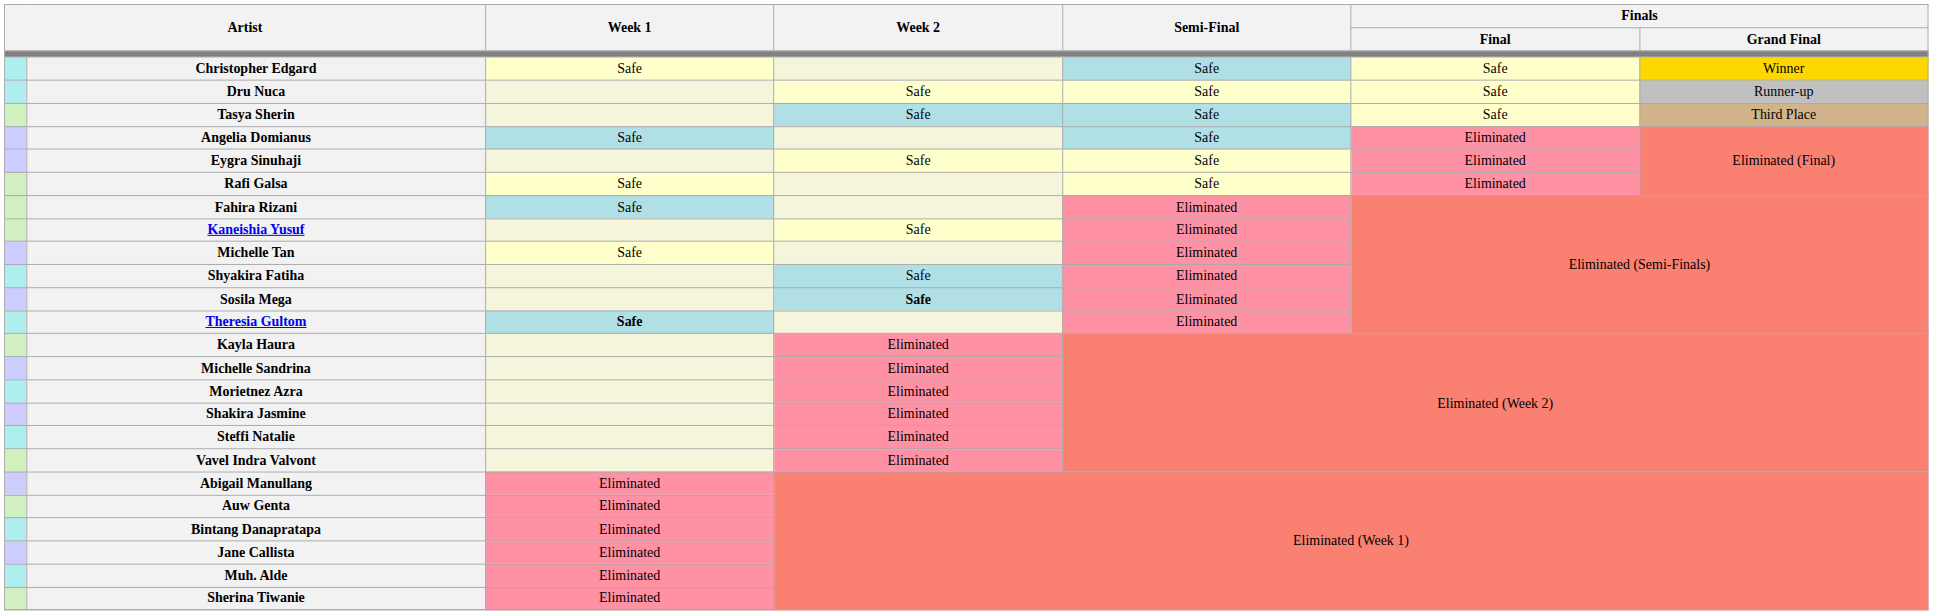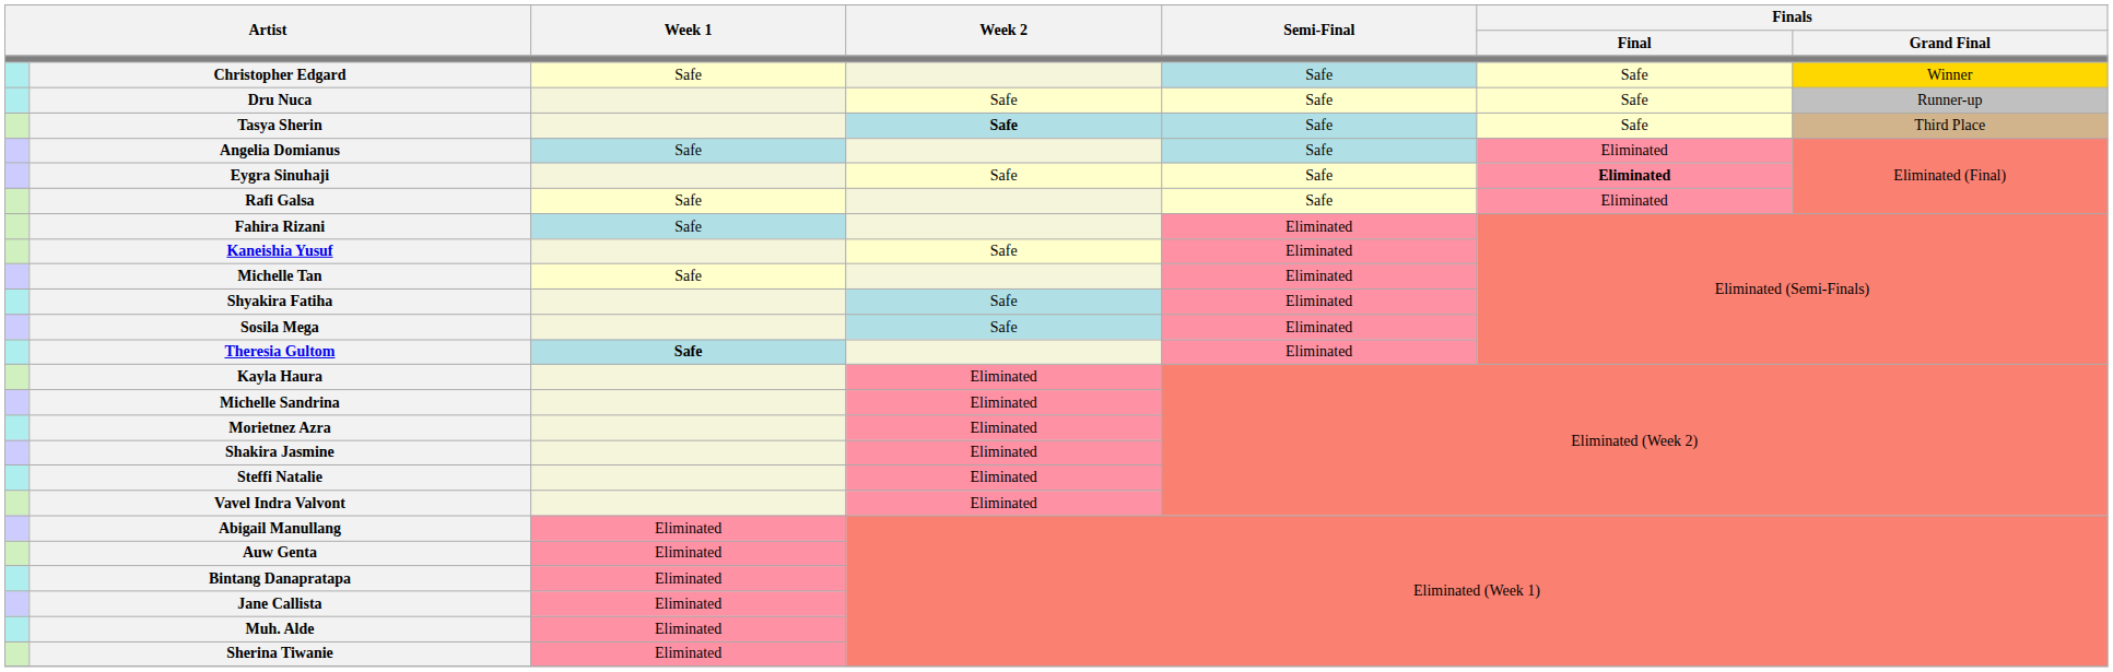 <table class="wikitable"  style="text-align:center; font-size:90%; width:100%;">
 <tr>
 </tr>
 <tr>
 <th rowspan="2" colspan="2">Artist</th>
 <th style="width:15%" rowspan=2 scope="col">Week 1</th>
 <th style="width:15%" rowspan=2 scope="col">Week 2</th>
 <th style="width:15%" rowspan=2 scope="col">Semi-Final</th>
 <th colspan="2">Finals</th>
 </tr>
 <tr>
 <th style="width:15%">Final</th>
 <th style="width:15%">Grand Final</th>
 </tr>
 <tr>
 <th colspan="8" style="background:gray;"></th>
 </tr>
 <tr>
 <th style="background:#afeeee"></th>
 <th>Christopher Edgard</th>
 <td style="background:#ffc;">Safe</td>
 <td style="background:#F5F5DC;"></td>
 <td style="background:#b0e0e6">Safe</td>
 <td style="background:#ffc;">Safe</td>
 <td style="background:gold;">Winner</td>
 </tr>
 <tr>
 <th style="background:#afeeee"></th>
 <th>Dru Nuca</th>
 <td style="background:#F5F5DC;"></td>
 <td style="background:#ffc;">Safe</td>
 <td style="background:#ffc;">Safe</td>
 <td style="background:#ffc;">Safe</td>
 <td style="background:silver;">Runner-up</td>
 </tr>
 <tr>
 <th style="background:#d0f0c0;"></th>
 <th>Tasya Sherin</th>
 <td style="background:#F5F5DC;"></td>
-<td style="background:#b0e0e6">Safe</td>
+<td style="background:#b0e0e6"><strong>Safe</strong></td>
 <td style="background:#b0e0e6">Safe</td>
 <td style="background:#ffc;">Safe</td>
 <td style="background:tan;">Third Place</td>
 </tr>
 <tr>
 <th style="background:#ccf"></th>
 <th>Angelia Domianus</th>
 <td style="background:#b0e0e6">Safe</td>
 <td style="background:#F5F5DC;"></td>
 <td style="background:#b0e0e6">Safe</td>
 <td style="background:#FF91A4;">Eliminated</td>
 <td rowspan="3" colspan="3" style="background:salmon;">Eliminated (Final)</td>
 </tr>
 <tr>
 <th style="background:#ccf"></th>
 <th>Eygra Sinuhaji</th>
 <td style="background:#F5F5DC;"></td>
 <td style="background:#ffc;">Safe</td>
 <td style="background:#ffc;">Safe</td>
-<td style="background:#FF91A4;">Eliminated</td>
+<td style="background:#FF91A4;"><strong>Eliminated</strong></td>
 </tr>
 <tr>
 <th style="background:#d0f0c0;"></th>
 <th>Rafi Galsa</th>
 <td style="background:#ffc;">Safe</td>
 <td style="background:#F5F5DC;"></td>
 <td style="background:#ffc;">Safe</td>
 <td style="background:#FF91A4;">Eliminated</td>
 </tr>
 <tr>
 <th style="background:#d0f0c0;"></th>
 <th>Fahira Rizani</th>
 <td style="background:#b0e0e6">Safe</td>
 <td style="background:#F5F5DC;"></td>
 <td style="background:#FF91A4;">Eliminated</td>
 <td rowspan="6" colspan="3" style="background:salmon;">Eliminated (Semi-Finals)</td>
 </tr>
 <tr>
 <th style="background:#d0f0c0;"></th>
 <th><a href='#'>Kaneishia Yusuf</a></th>
 <td style="background:#F5F5DC;"></td>
 <td style="background:#ffc;">Safe</td>
 <td style="background:#FF91A4;">Eliminated</td>
 </tr>
 <tr>
 <th style="background:#ccf"></th>
 <th>Michelle Tan</th>
 <td style="background:#ffc;">Safe</td>
 <td style="background:#F5F5DC;"></td>
 <td style="background:#FF91A4;">Eliminated</td>
 </tr>
 <tr>
 <th style="background:#afeeee"></th>
 <th>Shyakira Fatiha</th>
 <td style="background:#F5F5DC;"></td>
 <td style="background:#b0e0e6">Safe</td>
 <td style="background:#FF91A4;">Eliminated</td>
 </tr>
 <tr>
 <th style="background:#ccf"></th>
 <th>Sosila Mega</th>
 <td style="background:#F5F5DC;"></td>
-<td style="background:#b0e0e6"><strong>Safe</strong></td>
+<td style="background:#b0e0e6">Safe</td>
 <td style="background:#FF91A4;">Eliminated</td>
 </tr>
 <tr>
 <th style="background:#afeeee"></th>
 <th><a href='#'>Theresia Gultom</a></th>
 <td style="background:#b0e0e6"><strong>Safe</strong></td>
 <td style="background:#F5F5DC;"></td>
 <td style="background:#FF91A4;">Eliminated</td>
 </tr>
 <tr>
 <th style="background:#d0f0c0;"></th>
 <th>Kayla Haura</th>
 <td style="background:#F5F5DC;"></td>
 <td style="background:#FF91A4;">Eliminated</td>
 <td rowspan="6" colspan="3" style="background:salmon;">Eliminated (Week 2)</td>
 </tr>
 <tr>
 <th style="background:#ccf"></th>
 <th>Michelle Sandrina</th>
 <td style="background:#F5F5DC;"></td>
 <td style="background:#FF91A4;">Eliminated</td>
 </tr>
 <tr>
 <th style="background:#afeeee"></th>
 <th>Morietnez Azra</th>
 <td style="background:#F5F5DC;"></td>
 <td style="background:#FF91A4;">Eliminated</td>
 </tr>
 <tr>
 <th style="background:#ccf"></th>
 <th>Shakira Jasmine</th>
 <td style="background:#F5F5DC;"></td>
 <td style="background:#FF91A4;">Eliminated</td>
 </tr>
 <tr>
 <th style="background:#afeeee"></th>
 <th>Steffi Natalie</th>
 <td style="background:#F5F5DC;"></td>
 <td style="background:#FF91A4;">Eliminated</td>
 </tr>
 <tr>
 <th style="background:#d0f0c0;"></th>
 <th>Vavel Indra Valvont</th>
 <td style="background:#F5F5DC;"></td>
 <td style="background:#FF91A4;">Eliminated</td>
 </tr>
 <tr>
 <th style="background:#ccf"></th>
 <th>Abigail Manullang</th>
 <td style="background:#FF91A4;">Eliminated</td>
 <td rowspan="6" colspan="6" style="background:salmon;">Eliminated  (Week 1)</td>
 </tr>
 <tr>
 <th style="background:#d0f0c0;"></th>
 <th>Auw Genta</th>
 <td style="background:#FF91A4;">Eliminated</td>
 </tr>
 <tr>
 <th style="background:#afeeee"></th>
 <th>Bintang Danapratapa</th>
 <td style="background:#FF91A4;">Eliminated</td>
 </tr>
 <tr>
 <th style="background:#ccf"></th>
 <th>Jane Callista</th>
 <td style="background:#FF91A4;">Eliminated</td>
 </tr>
 <tr>
 <th style="background:#afeeee"></th>
 <th>Muh. Alde</th>
 <td style="background:#FF91A4;">Eliminated</td>
 </tr>
 <tr>
 <th style="background:#d0f0c0;"></th>
 <th>Sherina Tiwanie</th>
 <td style="background:#FF91A4;">Eliminated</td>
 </tr>
 <tr>
 </tr>
 </table>
